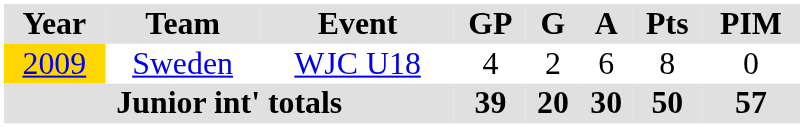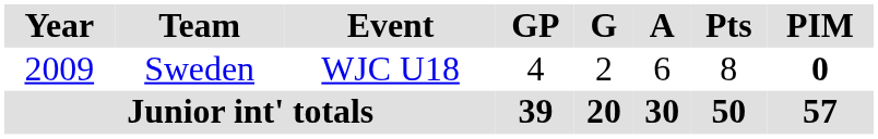 <table border="0" cellpadding="1" cellspacing="0" ID="Table3" style="text-align:center; width:25em">
 <tr ALIGN="center" bgcolor="#e0e0e0">
 <th>Year</th>
 <th>Team</th>
 <th>Event</th>
 <th>GP</th>
 <th>G</th>
 <th>A</th>
 <th>Pts</th>
 <th>PIM</th>
 </tr>
 <tr>
-<td style="background: gold;"><a href='#'>2009</a></td>
+<td><a href='#'>2009</a></td>
 <td><a href='#'>Sweden</a></td>
 <td><a href='#'>WJC U18</a></td>
 <td>4</td>
 <td>2</td>
 <td>6</td>
 <td>8</td>
-<td>0</td>
+<td><strong>0</strong></td>
 </tr>
 <tr bgcolor="#e0e0e0">
 <th colspan="3">Junior int' totals</th>
 <th>39</th>
 <th>20</th>
 <th>30</th>
 <th>50</th>
 <th>57</th>
 </tr>
 </table>
